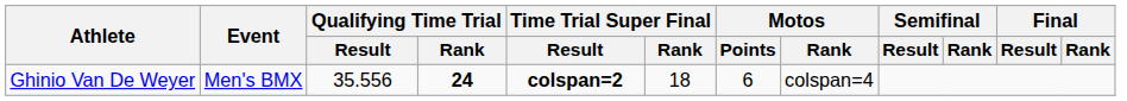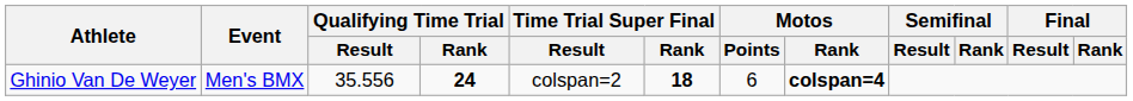 <table class="wikitable" style="font-size:90%">
 <tr>
 <th rowspan="2">Athlete</th>
 <th rowspan="2">Event</th>
 <th colspan="2">Qualifying Time Trial</th>
 <th colspan="2">Time Trial Super Final</th>
 <th colspan="2">Motos</th>
 <th colspan="2">Semifinal</th>
 <th colspan="2">Final</th>
 </tr>
 <tr style="font-size:95%">
 <th>Result</th>
 <th>Rank</th>
 <th>Result</th>
 <th>Rank</th>
 <th>Points</th>
 <th>Rank</th>
 <th>Result</th>
 <th>Rank</th>
 <th>Result</th>
 <th>Rank</th>
 </tr>
 <tr align=center>
 <td align=left><a href='#'>Ghinio Van De Weyer</a></td>
 <td align=left><a href='#'>Men's BMX</a></td>
 <td>35.556</td>
 <td><strong>24</strong></td>
-<td><strong>colspan=2 </strong></td>
-<td>18</td>
+<td>colspan=2 </td>
+<td><strong>18</strong></td>
 <td>6</td>
-<td>colspan=4 </td>
+<td><strong>colspan=4 </strong></td>
 </tr>
 </table>
